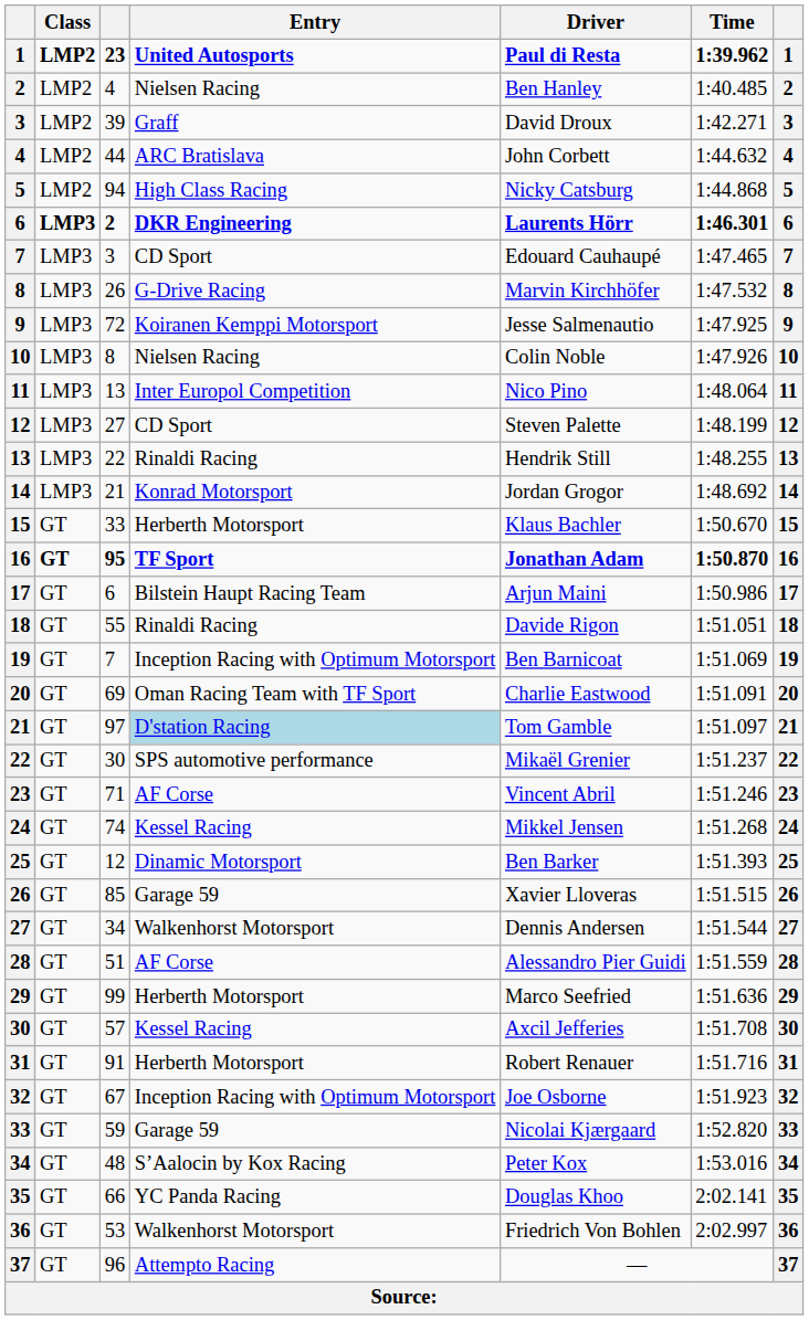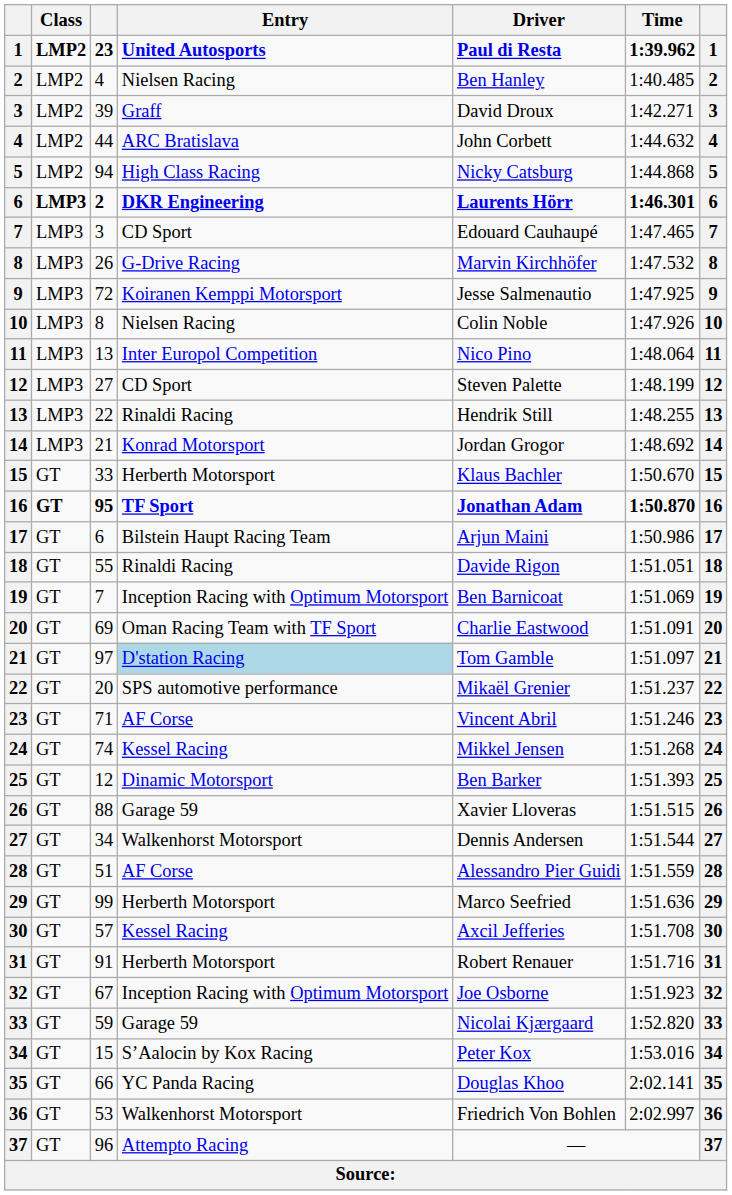 <table class="wikitable sortable" style="font-size:90%;">
 <tr>
 <th></th>
 <th class="unsortable">Class</th>
 <th class="unsortable"></th>
 <th class="unsortable">Entry</th>
 <th class="unsortable">Driver</th>
 <th class="unsortable">Time</th>
 <th></th>
 </tr>
 <tr>
 <th>1</th>
 <td><strong>LMP2</strong></td>
 <td><strong>23</strong></td>
 <td><strong> <a href='#'>United Autosports</a></strong></td>
 <td><strong> <a href='#'>Paul di Resta</a></strong></td>
 <td><strong>1:39.962</strong></td>
 <th>1</th>
 </tr>
 <tr>
 <th>2</th>
 <td>LMP2</td>
 <td>4</td>
 <td> Nielsen Racing</td>
 <td> <a href='#'>Ben Hanley</a></td>
 <td>1:40.485</td>
 <th>2</th>
 </tr>
 <tr>
 <th>3</th>
 <td>LMP2</td>
 <td>39</td>
 <td> <a href='#'>Graff</a></td>
 <td> David Droux</td>
 <td>1:42.271</td>
 <th>3</th>
 </tr>
 <tr>
 <th>4</th>
 <td>LMP2</td>
 <td>44</td>
 <td> <a href='#'>ARC Bratislava</a></td>
 <td> John Corbett</td>
 <td>1:44.632</td>
 <th>4</th>
 </tr>
 <tr>
 <th>5</th>
 <td>LMP2</td>
 <td>94</td>
 <td> <a href='#'>High Class Racing</a></td>
 <td> <a href='#'>Nicky Catsburg</a></td>
 <td>1:44.868</td>
 <th>5</th>
 </tr>
 <tr>
 <th>6</th>
 <td><strong>LMP3</strong></td>
 <td><strong>2</strong></td>
 <td><strong> <a href='#'>DKR Engineering</a></strong></td>
 <td><strong> <a href='#'>Laurents Hörr</a></strong></td>
 <td><strong>1:46.301</strong></td>
 <th>6</th>
 </tr>
 <tr>
 <th>7</th>
 <td>LMP3</td>
 <td>3</td>
 <td> CD Sport</td>
 <td> Edouard Cauhaupé</td>
 <td>1:47.465</td>
 <th>7</th>
 </tr>
 <tr>
 <th>8</th>
 <td>LMP3</td>
 <td>26</td>
 <td> <a href='#'>G-Drive Racing</a></td>
 <td> <a href='#'>Marvin Kirchhöfer</a></td>
 <td>1:47.532</td>
 <th>8</th>
 </tr>
 <tr>
 <th>9</th>
 <td>LMP3</td>
 <td>72</td>
 <td> <a href='#'>Koiranen Kemppi Motorsport</a></td>
 <td> Jesse Salmenautio</td>
 <td>1:47.925</td>
 <th>9</th>
 </tr>
 <tr>
 <th>10</th>
 <td>LMP3</td>
 <td>8</td>
 <td> Nielsen Racing</td>
 <td> Colin Noble</td>
 <td>1:47.926</td>
 <th>10</th>
 </tr>
 <tr>
 <th>11</th>
 <td>LMP3</td>
 <td>13</td>
 <td> <a href='#'>Inter Europol Competition</a></td>
 <td> <a href='#'>Nico Pino</a></td>
 <td>1:48.064</td>
 <th>11</th>
 </tr>
 <tr>
 <th>12</th>
 <td>LMP3</td>
 <td>27</td>
 <td> CD Sport</td>
 <td> Steven Palette</td>
 <td>1:48.199</td>
 <th>12</th>
 </tr>
 <tr>
 <th>13</th>
 <td>LMP3</td>
 <td>22</td>
 <td> Rinaldi Racing</td>
 <td> Hendrik Still</td>
 <td>1:48.255</td>
 <th>13</th>
 </tr>
 <tr>
 <th>14</th>
 <td>LMP3</td>
 <td>21</td>
 <td> <a href='#'>Konrad Motorsport</a></td>
 <td> Jordan Grogor</td>
 <td>1:48.692</td>
 <th>14</th>
 </tr>
 <tr>
 <th>15</th>
 <td>GT</td>
 <td>33</td>
 <td> Herberth Motorsport</td>
 <td> <a href='#'>Klaus Bachler</a></td>
 <td>1:50.670</td>
 <th>15</th>
 </tr>
 <tr>
 <th>16</th>
 <td><strong>GT</strong></td>
 <td><strong>95</strong></td>
 <td><strong> <a href='#'>TF Sport</a></strong></td>
 <td><strong> <a href='#'>Jonathan Adam</a></strong></td>
 <td><strong>1:50.870</strong></td>
 <th>16</th>
 </tr>
 <tr>
 <th>17</th>
 <td>GT</td>
 <td>6</td>
 <td> Bilstein Haupt Racing Team</td>
 <td> <a href='#'>Arjun Maini</a></td>
 <td>1:50.986</td>
 <th>17</th>
 </tr>
 <tr>
 <th>18</th>
 <td>GT</td>
 <td>55</td>
 <td> Rinaldi Racing</td>
 <td> <a href='#'>Davide Rigon</a></td>
 <td>1:51.051</td>
 <th>18</th>
 </tr>
 <tr>
 <th>19</th>
 <td>GT</td>
 <td>7</td>
 <td> Inception Racing with <a href='#'>Optimum Motorsport</a></td>
 <td> <a href='#'>Ben Barnicoat</a></td>
 <td>1:51.069</td>
 <th>19</th>
 </tr>
 <tr>
 <th>20</th>
 <td>GT</td>
 <td>69</td>
 <td> Oman Racing Team with <a href='#'>TF Sport</a></td>
 <td> <a href='#'>Charlie Eastwood</a></td>
 <td>1:51.091</td>
 <th>20</th>
 </tr>
 <tr>
 <th>21</th>
 <td>GT</td>
 <td>97</td>
 <td style="background: lightblue;"> <a href='#'>D'station Racing</a></td>
 <td> <a href='#'>Tom Gamble</a></td>
 <td>1:51.097</td>
 <th>21</th>
 </tr>
 <tr>
 <th>22</th>
 <td>GT</td>
-<td>30</td>
+<td>20</td>
 <td> SPS automotive performance</td>
 <td> <a href='#'>Mikaël Grenier</a></td>
 <td>1:51.237</td>
 <th>22</th>
 </tr>
 <tr>
 <th>23</th>
 <td>GT</td>
 <td>71</td>
 <td> <a href='#'>AF Corse</a></td>
 <td> <a href='#'>Vincent Abril</a></td>
 <td>1:51.246</td>
 <th>23</th>
 </tr>
 <tr>
 <th>24</th>
 <td>GT</td>
 <td>74</td>
 <td> <a href='#'>Kessel Racing</a></td>
 <td> <a href='#'>Mikkel Jensen</a></td>
 <td>1:51.268</td>
 <th>24</th>
 </tr>
 <tr>
 <th>25</th>
 <td>GT</td>
 <td>12</td>
 <td> <a href='#'>Dinamic Motorsport</a></td>
 <td> <a href='#'>Ben Barker</a></td>
 <td>1:51.393</td>
 <th>25</th>
 </tr>
 <tr>
 <th>26</th>
 <td>GT</td>
-<td>85</td>
+<td>88</td>
 <td> Garage 59</td>
 <td> Xavier Lloveras</td>
 <td>1:51.515</td>
 <th>26</th>
 </tr>
 <tr>
 <th>27</th>
 <td>GT</td>
 <td>34</td>
 <td> Walkenhorst Motorsport</td>
 <td> Dennis Andersen</td>
 <td>1:51.544</td>
 <th>27</th>
 </tr>
 <tr>
 <th>28</th>
 <td>GT</td>
 <td>51</td>
 <td> <a href='#'>AF Corse</a></td>
 <td> <a href='#'>Alessandro Pier Guidi</a></td>
 <td>1:51.559</td>
 <th>28</th>
 </tr>
 <tr>
 <th>29</th>
 <td>GT</td>
 <td>99</td>
 <td> Herberth Motorsport</td>
 <td> Marco Seefried</td>
 <td>1:51.636</td>
 <th>29</th>
 </tr>
 <tr>
 <th>30</th>
 <td>GT</td>
 <td>57</td>
 <td> <a href='#'>Kessel Racing</a></td>
 <td> <a href='#'>Axcil Jefferies</a></td>
 <td>1:51.708</td>
 <th>30</th>
 </tr>
 <tr>
 <th>31</th>
 <td>GT</td>
 <td>91</td>
 <td> Herberth Motorsport</td>
 <td> Robert Renauer</td>
 <td>1:51.716</td>
 <th>31</th>
 </tr>
 <tr>
 <th>32</th>
 <td>GT</td>
 <td>67</td>
 <td> Inception Racing with <a href='#'>Optimum Motorsport</a></td>
 <td> <a href='#'>Joe Osborne</a></td>
 <td>1:51.923</td>
 <th>32</th>
 </tr>
 <tr>
 <th>33</th>
 <td>GT</td>
 <td>59</td>
 <td> Garage 59</td>
 <td> <a href='#'>Nicolai Kjærgaard</a></td>
 <td>1:52.820</td>
 <th>33</th>
 </tr>
 <tr>
 <th>34</th>
 <td>GT</td>
-<td>48</td>
+<td>15</td>
 <td> S’Aalocin by Kox Racing</td>
 <td> <a href='#'>Peter Kox</a></td>
 <td>1:53.016</td>
 <th>34</th>
 </tr>
 <tr>
 <th>35</th>
 <td>GT</td>
 <td>66</td>
 <td> YC Panda Racing</td>
 <td> <a href='#'>Douglas Khoo</a></td>
 <td>2:02.141</td>
 <th>35</th>
 </tr>
 <tr>
 <th>36</th>
 <td>GT</td>
 <td>53</td>
 <td> Walkenhorst Motorsport</td>
 <td> Friedrich Von Bohlen</td>
 <td>2:02.997</td>
 <th>36</th>
 </tr>
 <tr>
 <th>37</th>
 <td>GT</td>
 <td>96</td>
 <td> <a href='#'>Attempto Racing</a></td>
 <td colspan="2" align="center">—</td>
 <th>37</th>
 </tr>
 <tr>
 <th colspan="7">Source:</th>
 </tr>
 </table>
